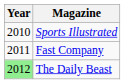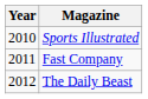 <table class="wikitable">
 <tr>
 <th>Year</th>
 <th>Magazine</th>
 </tr>
 <tr>
 <td>2010</td>
 <td><em><a href='#'>Sports Illustrated</a></em></td>
 </tr>
 <tr>
 <td>2011</td>
 <td><a href='#'>Fast Company</a></td>
 </tr>
 <tr>
-<td style="background: lightgreen;">2012</td>
+<td>2012</td>
 <td><a href='#'>The Daily Beast</a></td>
 </tr>
 </table>
